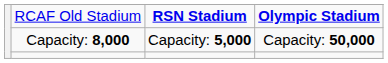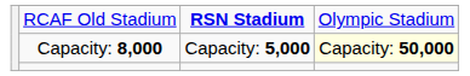 <table class="wikitable" style="margin:1em auto; text-align:center;">
 <tr>
 <th rowspan="5"></th>
 </tr>
 <tr>
 <td><a href='#'>RCAF Old Stadium</a></td>
 <td><strong><a href='#'>RSN Stadium</a></strong></td>
-<td><strong><a href='#'>Olympic Stadium</a></strong></td>
+<td><a href='#'>Olympic Stadium</a></td>
 </tr>
 <tr>
 <td>Capacity: <strong>8,000</strong></td>
 <td>Capacity: <strong>5,000</strong></td>
-<td>Capacity: <strong>50,000</strong></td>
+<td style="background: lightyellow;">Capacity: <strong>50,000</strong></td>
 </tr>
 <tr>
 <td></td>
 <td></td>
 <td></td>
 </tr>
 </table>
